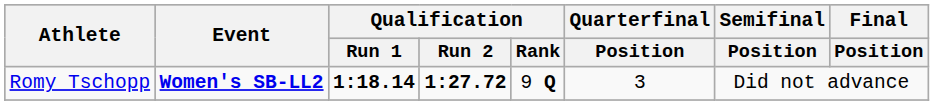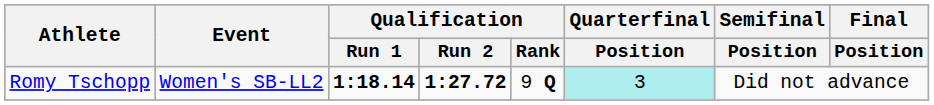 <table class="wikitable" style="font-size:90%">
 <tr>
 <th rowspan="2">Athlete</th>
 <th rowspan="2">Event</th>
 <th colspan="3">Qualification</th>
 <th>Quarterfinal</th>
 <th>Semifinal</th>
 <th>Final</th>
 </tr>
 <tr style=font-size:95%>
 <th>Run 1</th>
 <th>Run 2</th>
 <th>Rank</th>
 <th>Position</th>
 <th>Position</th>
 <th>Position</th>
 </tr>
 <tr align=center>
 <td align=left><a href='#'>Romy Tschopp</a></td>
-<td align=left><strong><a href='#'>Women's SB-LL2</a></strong></td>
+<td align=left><a href='#'>Women's SB-LL2</a></td>
 <td><strong>1:18.14</strong></td>
 <td><strong>1:27.72</strong></td>
 <td>9 <strong>Q</strong></td>
-<td>3</td>
+<td style="background: paleturquoise;">3</td>
 <td colspan=2>Did not advance</td>
 </tr>
 </table>
